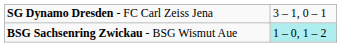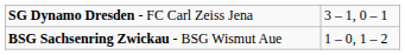 <table class="wikitable" style="width:450px;">
 <tr>
 <td><strong>SG Dynamo Dresden</strong> - FC Carl Zeiss Jena</td>
 <td>3 – 1, 0 – 1</td>
 </tr>
 <tr>
 <td><strong>BSG Sachsenring Zwickau</strong> - BSG Wismut Aue</td>
-<td style="background: paleturquoise;">1 – 0, 1 – 2</td>
+<td>1 – 0, 1 – 2</td>
 </tr>
 </table>
